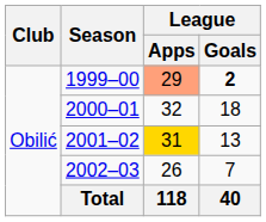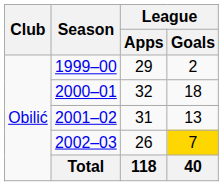 <table class="wikitable" style="text-align:center">
 <tr>
 <th rowspan="2">Club</th>
 <th rowspan="2">Season</th>
 <th colspan="2">League</th>
 </tr>
 <tr>
 <th>Apps</th>
 <th>Goals</th>
 </tr>
 <tr>
 <td rowspan="5"><a href='#'>Obilić</a></td>
 <td><a href='#'>1999–00</a></td>
-<td style="background: lightsalmon;">29</td>
-<td><strong>2</strong></td>
+<td>29</td>
+<td>2</td>
 </tr>
 <tr>
 <td><a href='#'>2000–01</a></td>
 <td>32</td>
 <td>18</td>
 </tr>
 <tr>
 <td><a href='#'>2001–02</a></td>
-<td style="background: gold;">31</td>
+<td>31</td>
 <td>13</td>
 </tr>
 <tr>
 <td><a href='#'>2002–03</a></td>
 <td>26</td>
-<td>7</td>
+<td style="background: gold;">7</td>
 </tr>
 <tr>
 <th>Total</th>
 <th>118</th>
 <th>40</th>
 </tr>
 </table>
